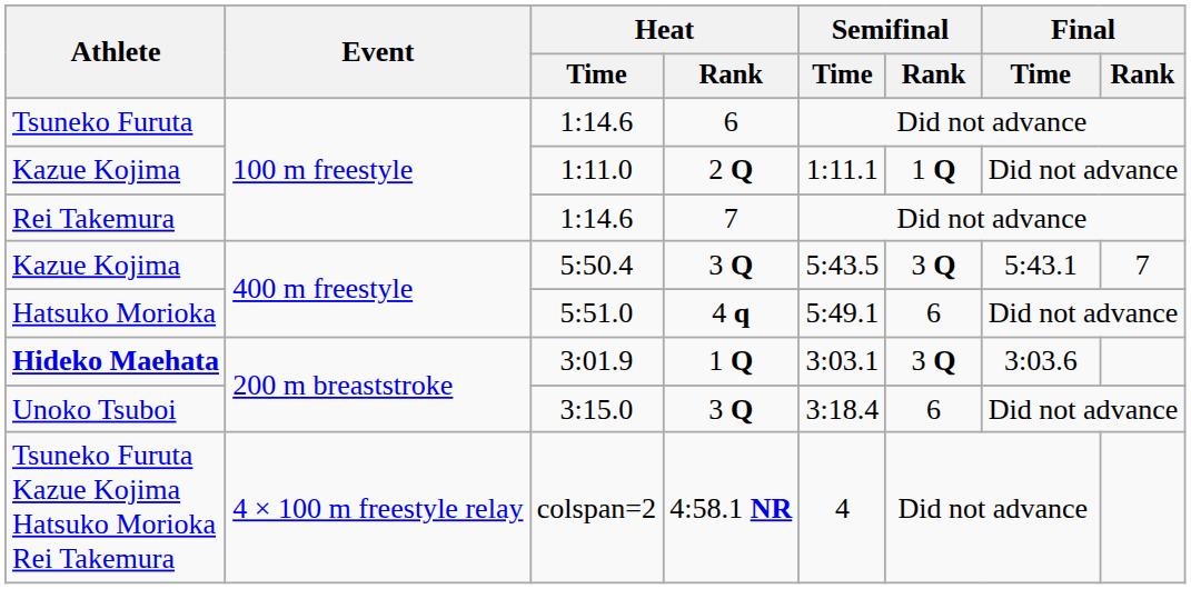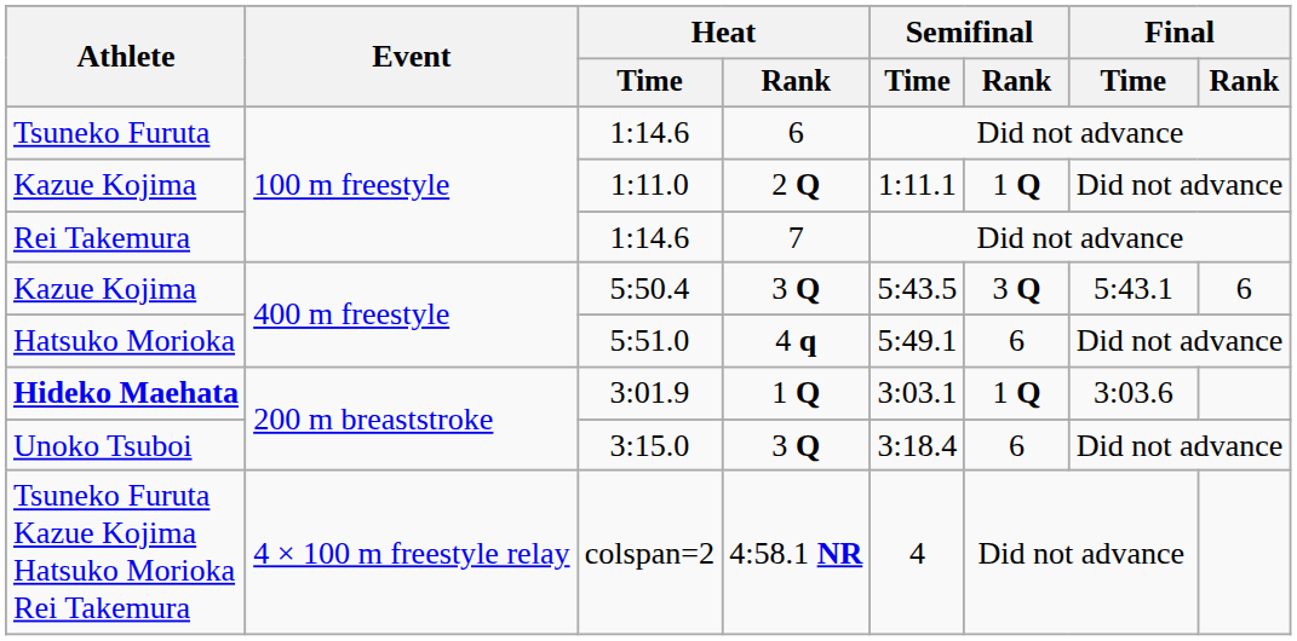 <table class=wikitable style="font-size:90%;">
 <tr>
 <th rowspan=2>Athlete</th>
 <th rowspan=2>Event</th>
 <th colspan=2>Heat</th>
 <th colspan=2>Semifinal</th>
 <th colspan=2>Final</th>
 </tr>
 <tr style="font-size:95%">
 <th>Time</th>
 <th>Rank</th>
 <th>Time</th>
 <th>Rank</th>
 <th>Time</th>
 <th>Rank</th>
 </tr>
 <tr align=center>
 <td align=left><a href='#'>Tsuneko Furuta</a></td>
 <td rowspan=3 align=left><a href='#'>100 m freestyle</a></td>
 <td>1:14.6</td>
 <td>6</td>
 <td colspan=4>Did not advance</td>
 </tr>
 <tr align=center>
 <td align=left><a href='#'>Kazue Kojima</a></td>
 <td>1:11.0</td>
 <td>2 <strong>Q</strong></td>
 <td>1:11.1</td>
 <td>1 <strong>Q</strong></td>
 <td colspan=2>Did not advance</td>
 </tr>
 <tr align=center>
 <td align=left><a href='#'>Rei Takemura</a></td>
 <td>1:14.6</td>
 <td>7</td>
 <td colspan=4>Did not advance</td>
 </tr>
 <tr align=center>
 <td align=left><a href='#'>Kazue Kojima</a></td>
 <td rowspan=2 align=left><a href='#'>400 m freestyle</a></td>
 <td>5:50.4</td>
 <td>3 <strong>Q</strong></td>
 <td>5:43.5</td>
 <td>3 <strong>Q</strong></td>
 <td>5:43.1</td>
-<td>7</td>
+<td>6</td>
 </tr>
 <tr align=center>
 <td align=left><a href='#'>Hatsuko Morioka</a></td>
 <td>5:51.0</td>
 <td>4 <strong>q</strong></td>
 <td>5:49.1</td>
 <td>6</td>
 <td colspan=2>Did not advance</td>
 </tr>
 <tr align=center>
 <td align=left><strong><a href='#'>Hideko Maehata</a></strong></td>
 <td rowspan=2 align=left><a href='#'>200 m breaststroke</a></td>
 <td>3:01.9 </td>
 <td>1 <strong>Q</strong></td>
 <td>3:03.1</td>
-<td>3 <strong>Q</strong></td>
+<td>1 <strong>Q</strong></td>
 <td>3:03.6</td>
 <td></td>
 </tr>
 <tr align=center>
 <td align=left><a href='#'>Unoko Tsuboi</a></td>
 <td>3:15.0</td>
 <td>3 <strong>Q</strong></td>
 <td>3:18.4</td>
 <td>6</td>
 <td colspan=2>Did not advance</td>
 </tr>
 <tr align=center>
 <td align=left><a href='#'>Tsuneko Furuta</a><br><a href='#'>Kazue Kojima</a><br><a href='#'>Hatsuko Morioka</a><br><a href='#'>Rei Takemura</a></td>
 <td align=left><a href='#'>4 × 100 m freestyle relay</a></td>
 <td>colspan=2 </td>
 <td>4:58.1 <strong><a href='#'>NR</a></strong></td>
 <td>4</td>
 <td colspan=2>Did not advance</td>
 </tr>
 </table>
